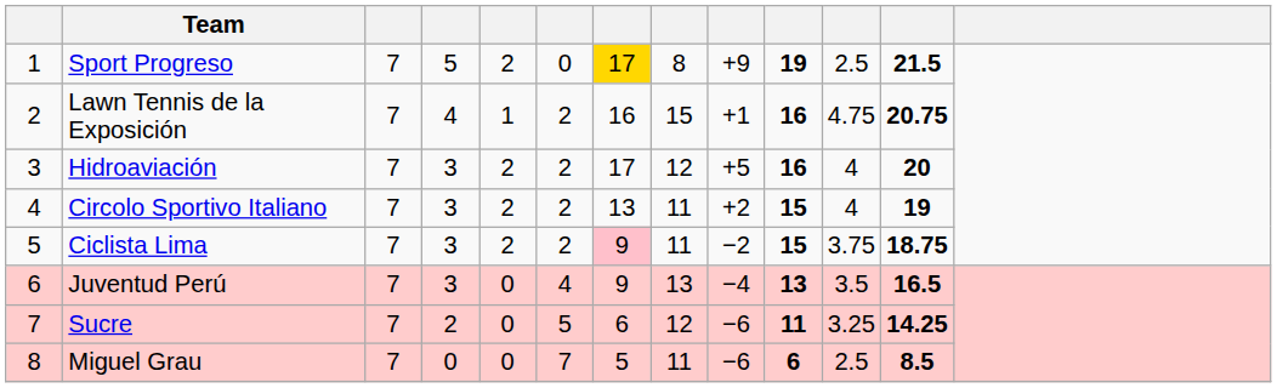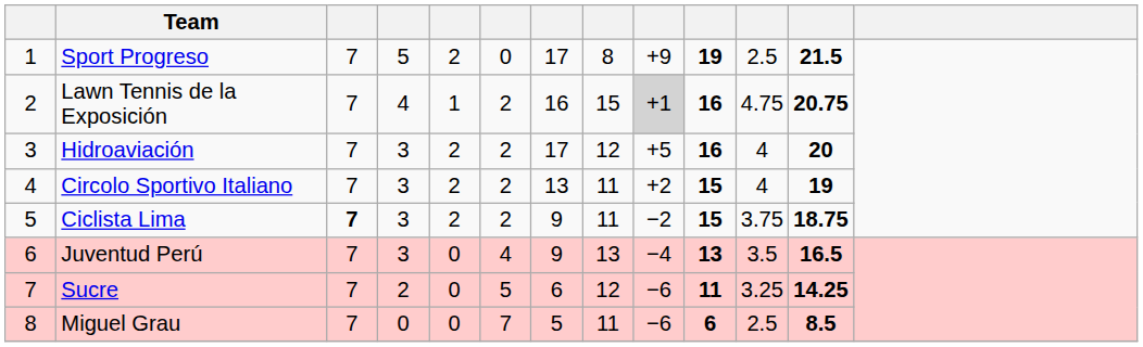 <table class="wikitable" style="text-align:center;">
 <tr>
 <th width="30"></th>
 <th width="190">Team</th>
 <th width="30"></th>
 <th width="30"></th>
 <th width="30"></th>
 <th width="30"></th>
 <th width="30"></th>
 <th width="30"></th>
 <th width="30"></th>
 <th width="30"></th>
 <th width="30"></th>
 <th width="30"></th>
 <th width="200"></th>
 </tr>
 <tr>
 <td>1</td>
 <td align=left><a href='#'>Sport Progreso</a></td>
 <td>7</td>
 <td>5</td>
 <td>2</td>
 <td>0</td>
-<td style="background: gold;">17</td>
+<td>17</td>
 <td>8</td>
 <td>+9</td>
 <td><strong>19</strong></td>
 <td>2.5</td>
 <td><strong>21.5</strong></td>
 <td rowspan=5></td>
 </tr>
 <tr>
 <td>2</td>
 <td align=left>Lawn Tennis de la Exposición</td>
 <td>7</td>
 <td>4</td>
 <td>1</td>
 <td>2</td>
 <td>16</td>
 <td>15</td>
-<td>+1</td>
+<td style="background: lightgrey;">+1</td>
 <td><strong>16</strong></td>
 <td>4.75</td>
 <td><strong>20.75</strong></td>
 </tr>
 <tr>
 <td>3</td>
 <td align=left><a href='#'>Hidroaviación</a></td>
 <td>7</td>
 <td>3</td>
 <td>2</td>
 <td>2</td>
 <td>17</td>
 <td>12</td>
 <td>+5</td>
 <td><strong>16</strong></td>
 <td>4</td>
 <td><strong>20</strong></td>
 </tr>
 <tr>
 <td>4</td>
 <td align=left><a href='#'>Circolo Sportivo Italiano</a></td>
 <td>7</td>
 <td>3</td>
 <td>2</td>
 <td>2</td>
 <td>13</td>
 <td>11</td>
 <td>+2</td>
 <td><strong>15</strong></td>
 <td>4</td>
 <td><strong>19</strong></td>
 </tr>
 <tr>
 <td>5</td>
 <td align=left><a href='#'>Ciclista Lima</a></td>
-<td>7</td>
+<td><strong>7</strong></td>
 <td>3</td>
 <td>2</td>
 <td>2</td>
-<td style="background: pink;">9</td>
+<td>9</td>
 <td>11</td>
 <td>−2</td>
 <td><strong>15</strong></td>
 <td>3.75</td>
 <td><strong>18.75</strong></td>
 </tr>
 <tr bgcolor=#ffcccc>
 <td>6</td>
 <td align=left>Juventud Perú</td>
 <td>7</td>
 <td>3</td>
 <td>0</td>
 <td>4</td>
 <td>9</td>
 <td>13</td>
 <td>−4</td>
 <td><strong>13</strong></td>
 <td>3.5</td>
 <td><strong>16.5</strong></td>
 <td rowspan=3></td>
 </tr>
 <tr bgcolor=#ffcccc>
 <td>7</td>
 <td align=left><a href='#'>Sucre</a></td>
 <td>7</td>
 <td>2</td>
 <td>0</td>
 <td>5</td>
 <td>6</td>
 <td>12</td>
 <td>−6</td>
 <td><strong>11</strong></td>
 <td>3.25</td>
 <td><strong>14.25</strong></td>
 </tr>
 <tr bgcolor=#ffcccc>
 <td>8</td>
 <td align=left>Miguel Grau</td>
 <td>7</td>
 <td>0</td>
 <td>0</td>
 <td>7</td>
 <td>5</td>
 <td>11</td>
 <td>−6</td>
 <td><strong>6</strong></td>
 <td>2.5</td>
 <td><strong>8.5</strong></td>
 </tr>
 <tr>
 </tr>
 </table>
